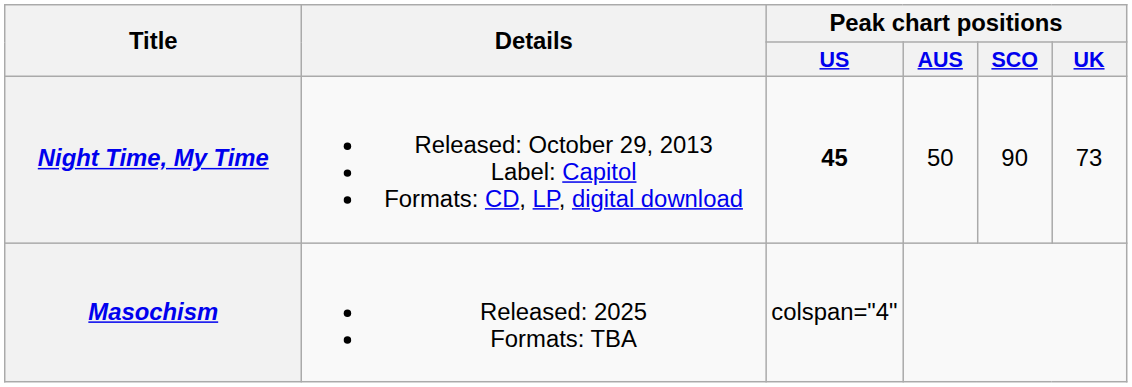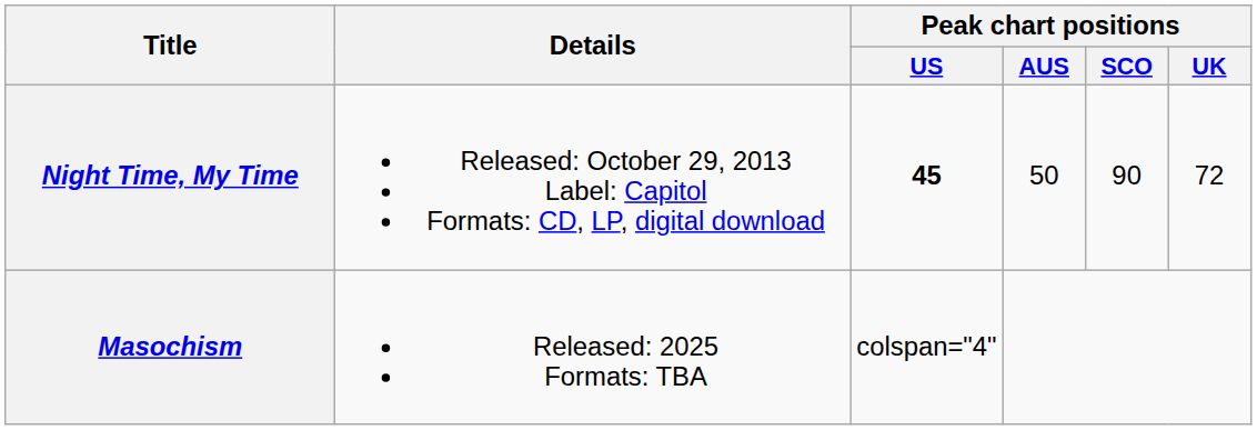 <table class="wikitable plainrowheaders" style="text-align:center;">
 <tr>
 <th scope="col" rowspan="2" style="width:12em;">Title</th>
 <th scope="col" rowspan="2" style="width:19em;">Details</th>
 <th scope="col" colspan="4">Peak chart positions</th>
 </tr>
 <tr>
 <th scope="col" style="width:3em;font-size:90%;"><a href='#'>US</a><br></th>
 <th scope="col" style="width:3em;font-size:90%;"><a href='#'>AUS</a><br></th>
 <th scope="col" style="width:3em;font-size:90%;"><a href='#'>SCO</a><br></th>
 <th scope="col" style="width:3em;font-size:90%;"><a href='#'>UK</a><br></th>
 </tr>
 <tr>
 <th scope="row"><em><a href='#'>Night Time, My Time</a></em></th>
 <td><br><ul><li>Released: October 29, 2013</li><li>Label: <a href='#'>Capitol</a></li><li>Formats: <a href='#'>CD</a>, <a href='#'>LP</a>, <a href='#'>digital download</a></li></ul></td>
 <td><strong>45</strong></td>
 <td>50</td>
 <td>90</td>
-<td>73</td>
+<td>72</td>
 </tr>
 <tr>
 <th scope="row"><em><a href='#'>Masochism</a></em></th>
 <td><br><ul><li>Released: 2025</li><li>Formats: TBA</li></ul></td>
 <td>colspan="4" </td>
 </tr>
 </table>
